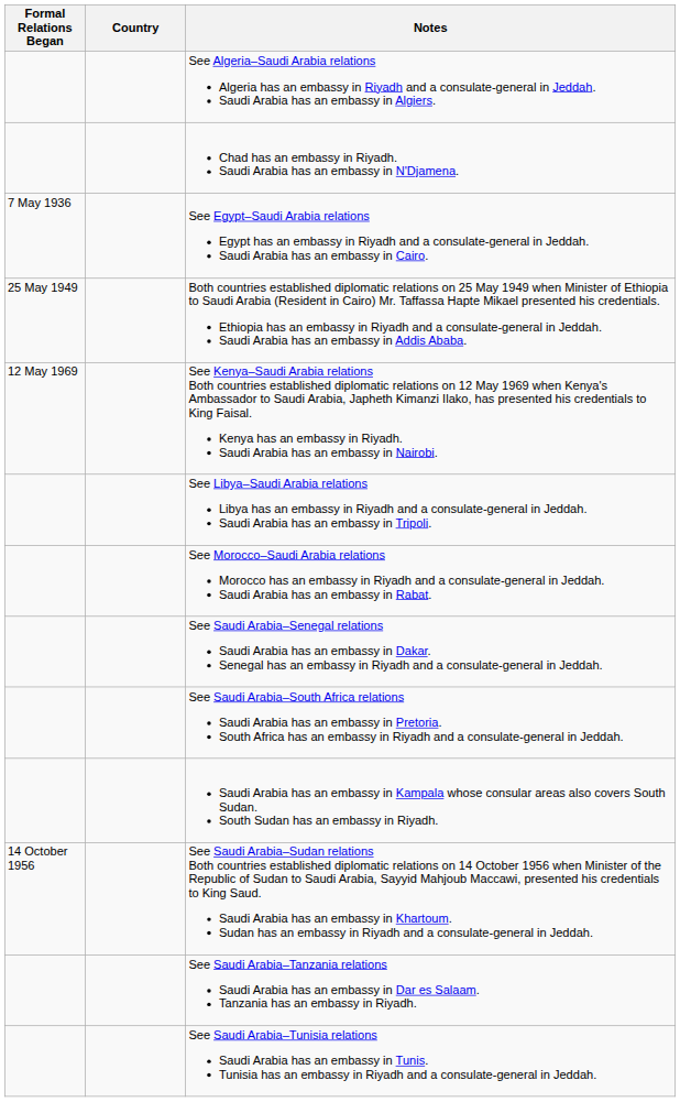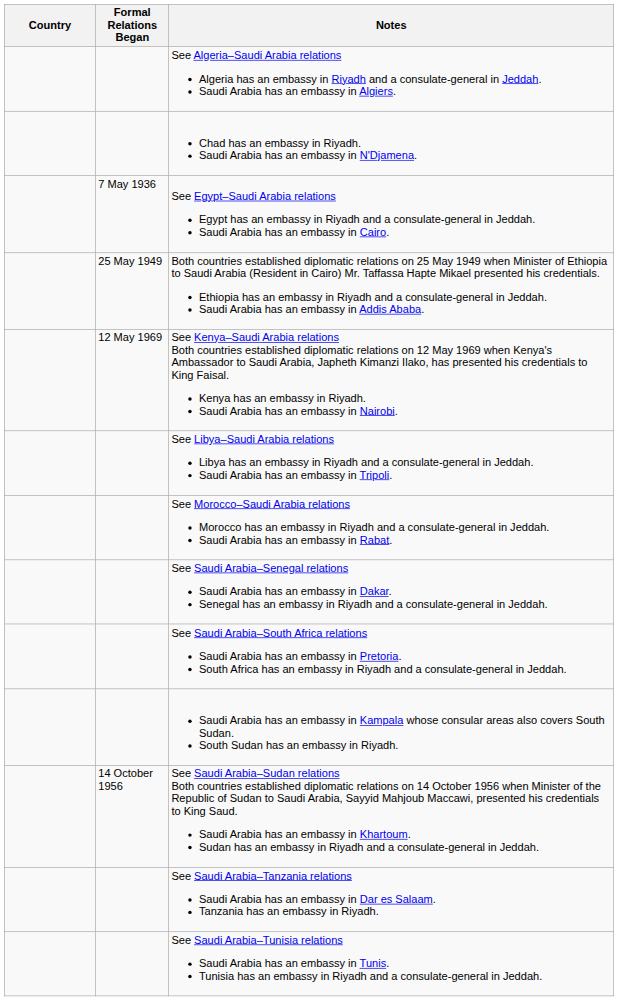 <table class="wikitable sortable" style="width:100%; margin:auto;">
 <tr>
+<th style="width:15%;">Country</th>
 <th style="width:12%;">Formal Relations Began</th>
-<th style="width:15%;">Country</th>
 <th>Notes</th>
 </tr>
 <tr valign="top">
 <td></td>
 <td></td>
 <td>See <a href='#'>Algeria–Saudi Arabia relations</a><br><ul><li>Algeria has an embassy in <a href='#'>Riyadh</a> and a consulate-general in <a href='#'>Jeddah</a>.</li><li>Saudi Arabia has an embassy in <a href='#'>Algiers</a>.</li></ul></td>
 </tr>
 <tr valign="top">
 <td></td>
 <td></td>
 <td><br><ul><li>Chad has an embassy in Riyadh.</li><li>Saudi Arabia has an embassy in <a href='#'>N'Djamena</a>.</li></ul></td>
 </tr>
 <tr valign="top">
+<td></td>
 <td>7 May 1936</td>
-<td></td>
 <td><div></div><br>See <a href='#'>Egypt–Saudi Arabia relations</a><ul><li>Egypt has an embassy in Riyadh and a consulate-general in Jeddah.</li><li>Saudi Arabia has an embassy in <a href='#'>Cairo</a>.</li></ul></td>
 </tr>
 <tr valign="top">
+<td></td>
 <td>25 May 1949</td>
-<td></td>
 <td>Both countries established diplomatic relations on 25 May 1949 when Minister of Ethiopia to Saudi Arabia (Resident in Cairo) Mr. Taffassa Hapte Mikael presented his credentials.<br><ul><li>Ethiopia has an embassy in Riyadh and a consulate-general in Jeddah.</li><li>Saudi Arabia has an embassy in <a href='#'>Addis Ababa</a>.</li></ul></td>
 </tr>
 <tr valign="top">
+<td></td>
 <td>12 May 1969</td>
-<td></td>
 <td>See <a href='#'>Kenya–Saudi Arabia relations</a><br>Both countries established diplomatic relations on 12 May 1969 when Kenya's Ambassador to Saudi Arabia, Japheth Kimanzi Ilako, has presented his credentials to King Faisal.<ul><li>Kenya has an embassy in Riyadh.</li><li>Saudi Arabia has an embassy in <a href='#'>Nairobi</a>.</li></ul></td>
 </tr>
 <tr>
 <td></td>
 <td></td>
 <td>See <a href='#'>Libya–Saudi Arabia relations</a><br><ul><li>Libya has an embassy in Riyadh and a consulate-general in Jeddah.</li><li>Saudi Arabia has an embassy in <a href='#'>Tripoli</a>.</li></ul></td>
 </tr>
 <tr valign="top">
 <td></td>
 <td></td>
 <td>See <a href='#'>Morocco–Saudi Arabia relations</a><br><ul><li>Morocco has an embassy in Riyadh and a consulate-general in Jeddah.</li><li>Saudi Arabia has an embassy in <a href='#'>Rabat</a>.</li></ul></td>
 </tr>
 <tr valign="top">
 <td></td>
 <td></td>
 <td>See <a href='#'>Saudi Arabia–Senegal relations</a><br><ul><li>Saudi Arabia has an embassy in <a href='#'>Dakar</a>.</li><li>Senegal has an embassy in Riyadh and a consulate-general in Jeddah.</li></ul></td>
 </tr>
 <tr valign="top">
 <td></td>
 <td></td>
 <td>See <a href='#'>Saudi Arabia–South Africa relations</a><br><ul><li>Saudi Arabia has an embassy in <a href='#'>Pretoria</a>.</li><li>South Africa has an embassy in Riyadh and a consulate-general in Jeddah.</li></ul></td>
 </tr>
 <tr>
 <td></td>
 <td></td>
 <td><br><ul><li>Saudi Arabia has an embassy in <a href='#'>Kampala</a> whose consular areas also covers South Sudan.</li><li>South Sudan has an embassy in Riyadh.</li></ul></td>
 </tr>
 <tr valign="top">
+<td></td>
 <td>14 October 1956</td>
-<td></td>
 <td>See <a href='#'>Saudi Arabia–Sudan relations</a><br>Both countries established diplomatic relations on 14 October 1956 when Minister of the Republic of Sudan to Saudi Arabia, Sayyid Mahjoub Maccawi, presented his credentials to King Saud.<ul><li>Saudi Arabia has an embassy in <a href='#'>Khartoum</a>.</li><li>Sudan has an embassy in Riyadh and a consulate-general in Jeddah.</li></ul></td>
 </tr>
 <tr valign="top">
 <td></td>
 <td></td>
 <td>See <a href='#'>Saudi Arabia–Tanzania relations</a><br><ul><li>Saudi Arabia has an embassy in <a href='#'>Dar es Salaam</a>.</li><li>Tanzania has an embassy in Riyadh.</li></ul></td>
 </tr>
 <tr valign="top">
 <td></td>
 <td></td>
 <td>See <a href='#'>Saudi Arabia–Tunisia relations</a><br><ul><li>Saudi Arabia has an embassy in <a href='#'>Tunis</a>.</li><li>Tunisia has an embassy in Riyadh and a consulate-general in Jeddah.</li></ul></td>
 </tr>
 </table>
